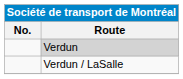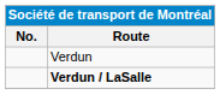 <table align=center class="wikitable">
 <tr>
 <th style="background: #0085CA; font-size:100%; color:#FFFFFF;"colspan="4">Société de transport de Montréal</th>
 </tr>
 <tr>
 <th>No.</th>
 <th>Route</th>
 </tr>
 <tr>
 <td {{Avoid wrap> </td>
-<td style="background: lightgrey;">Verdun</td>
+<td>Verdun</td>
 </tr>
 <tr>
 <td {{Avoid wrap> </td>
-<td>Verdun / LaSalle</td>
+<td><strong>Verdun / LaSalle</strong></td>
 </tr>
 <tr>
 </tr>
 </table>
